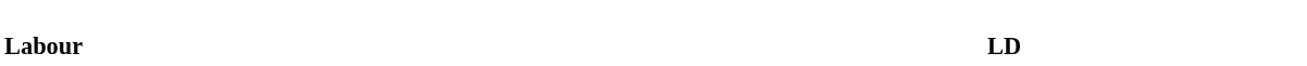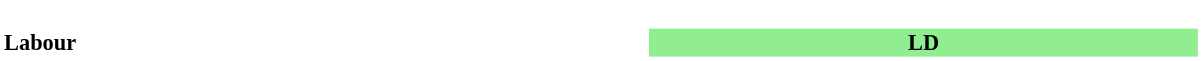 <table style="width:100%; text-align:center;">
 <tr style="color:white;">
 <td style="background:"><strong>95</strong></td>
 <td style="background:"><strong>1</strong></td>
 </tr>
 <tr>
 <td><span><strong>Labour</strong></span></td>
-<td><span><strong>LD</strong></span></td>
+<td style="background: lightgreen;"><span><strong>LD</strong></span></td>
 </tr>
 </table>
